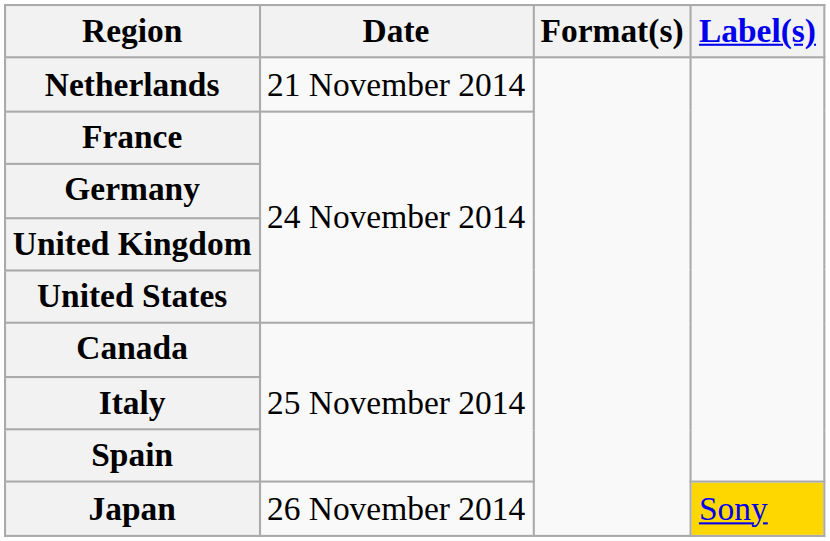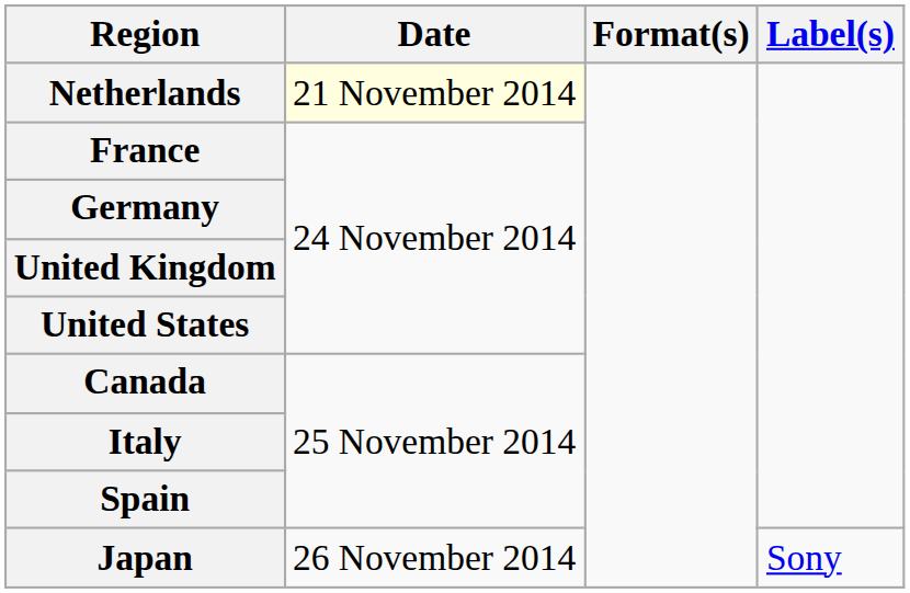 <table class="wikitable plainrowheaders">
 <tr>
 <th scope="col">Region</th>
 <th scope="col">Date</th>
 <th scope="col">Format(s)</th>
 <th scope="col"><a href='#'>Label(s)</a></th>
 </tr>
 <tr>
 <th scope="row">Netherlands</th>
-<td>21 November 2014</td>
+<td style="background: lightyellow;">21 November 2014</td>
 <td rowspan="9"></td>
 <td rowspan="8"></td>
 </tr>
 <tr>
 <th scope="row">France</th>
 <td rowspan="4">24 November 2014</td>
 </tr>
 <tr>
 <th scope="row">Germany</th>
 </tr>
 <tr>
 <th scope="row">United Kingdom</th>
 </tr>
 <tr>
 <th scope="row">United States</th>
 </tr>
 <tr>
 <th scope="row">Canada</th>
 <td rowspan="3">25 November 2014</td>
 </tr>
 <tr>
 <th scope="row">Italy</th>
 </tr>
 <tr>
 <th scope="row">Spain</th>
 </tr>
 <tr>
 <th scope="row">Japan</th>
 <td>26 November 2014</td>
-<td style="background: gold;"><a href='#'>Sony</a></td>
+<td><a href='#'>Sony</a></td>
 </tr>
 </table>
